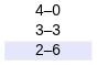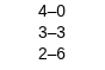 <table cellspacing=1 width=70%>
 <tr>
 <th width=25%></th>
 <th width=30%></th>
 <th width=15%></th>
 <th width=30%></th>
 </tr>
 <tr>
 <td></td>
 <td align=right></td>
 <td align=center>4–0</td>
 <td></td>
 </tr>
 <tr>
 <td></td>
 <td align=right></td>
 <td align=center>3–3</td>
 <td></td>
 </tr>
 <tr>
 <td></td>
 <td align=right></td>
-<td align=center style="background: lavender;">2–6</td>
+<td align=center>2–6</td>
 <td></td>
 </tr>
 </table>
